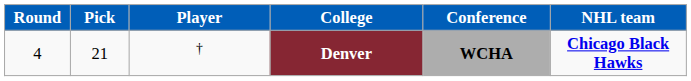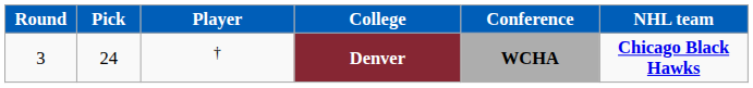 <table class="wikitable sortable" width="75%">
 <tr>
 <th style="color:white; background-color:#005EB8; width: 4em;">Round</th>
 <th style="color:white; background-color:#005EB8; width: 4em;">Pick</th>
 <th style="color:white; background-color:#005EB8; width: 12em;">Player</th>
 <th style="color:white; background-color:#005EB8; width: 13em;">College</th>
 <th style="color:white; background-color:#005EB8; width: 9em;">Conference</th>
 <th style="color:white; background-color:#005EB8; width: 11em;">NHL team</th>
 </tr>
 <tr align="center" bgcolor="">
-<td>4</td>
-<td>21</td>
+<td>3</td>
+<td>24</td>
 <td> <sup>†</sup></td>
 <td style="color:white; background:#862633; "><strong>Denver</strong></td>
 <td style="color:black; background:#ADADAD; "><strong>WCHA</strong></td>
 <td><strong><a href='#'>Chicago Black Hawks</a></strong></td>
 </tr>
 </table>
